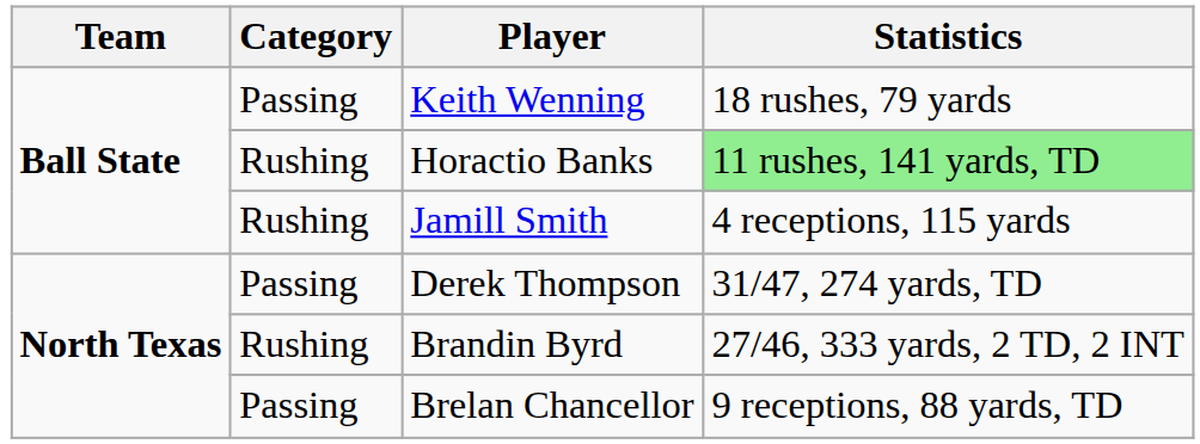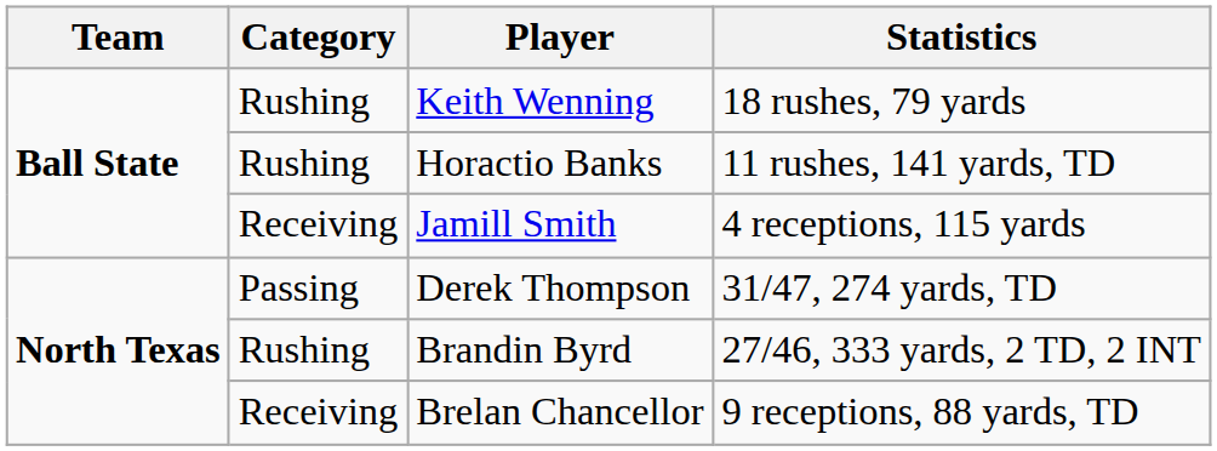 <table class="wikitable" style="float: right;">
 <tr>
 <th>Team</th>
 <th>Category</th>
 <th>Player</th>
 <th>Statistics</th>
 </tr>
 <tr>
 <td rowspan=3><strong>Ball State</strong></td>
-<td>Passing</td>
+<td>Rushing</td>
 <td><a href='#'>Keith Wenning</a></td>
 <td>18 rushes, 79 yards</td>
 </tr>
 <tr>
 <td>Rushing</td>
 <td>Horactio Banks</td>
-<td style="background: lightgreen;">11 rushes, 141 yards, TD</td>
+<td>11 rushes, 141 yards, TD</td>
 </tr>
 <tr>
-<td>Rushing</td>
+<td>Receiving</td>
 <td><a href='#'>Jamill Smith</a></td>
 <td>4 receptions, 115 yards</td>
 </tr>
 <tr>
 <td rowspan=3><strong>North Texas</strong></td>
 <td>Passing</td>
 <td>Derek Thompson</td>
 <td>31/47, 274 yards, TD</td>
 </tr>
 <tr>
 <td>Rushing</td>
 <td>Brandin Byrd</td>
 <td>27/46, 333 yards, 2 TD, 2 INT</td>
 </tr>
 <tr>
-<td>Passing</td>
+<td>Receiving</td>
 <td>Brelan Chancellor</td>
 <td>9 receptions, 88 yards, TD</td>
 </tr>
 </table>
